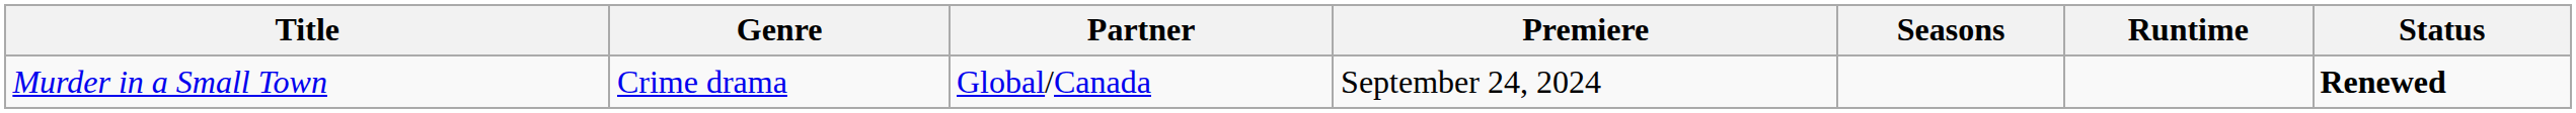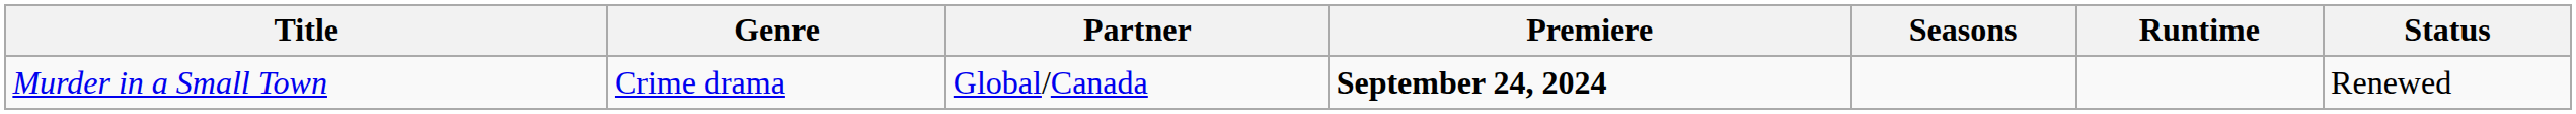 <table class="wikitable sortable" style="width:80%;">
 <tr>
 <th>Title</th>
 <th>Genre</th>
 <th>Partner</th>
 <th>Premiere</th>
 <th>Seasons</th>
 <th>Runtime</th>
 <th>Status</th>
 </tr>
 <tr>
 <td><em><a href='#'>Murder in a Small Town</a></em></td>
 <td><a href='#'>Crime drama</a></td>
 <td><a href='#'>Global</a>/<a href='#'>Canada</a></td>
-<td>September 24, 2024</td>
+<td><strong>September 24, 2024</strong></td>
 <td></td>
 <td></td>
-<td><strong>Renewed</strong></td>
+<td>Renewed</td>
 </tr>
 <tr>
 </tr>
 </table>
